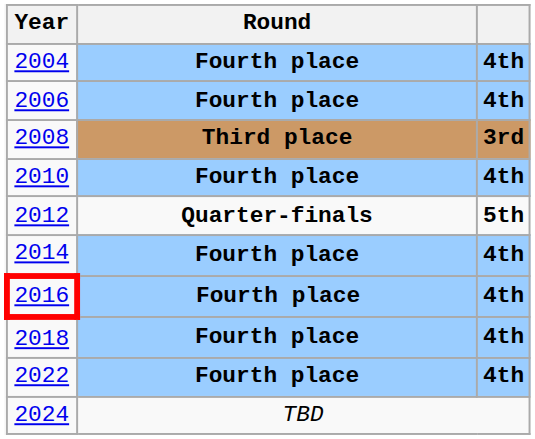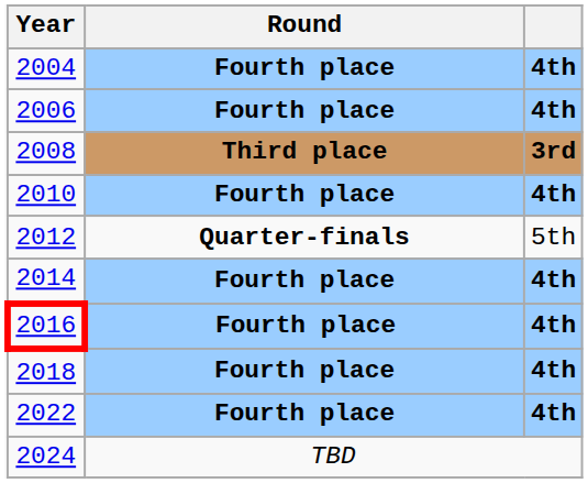 <table class="wikitable" style="text-align: center; font-size:90%">
 <tr>
 <th>Year</th>
 <th style="width:200px">Round</th>
 <th></th>
 </tr>
 <tr>
 <td><a href='#'>2004</a></td>
 <td bgcolor="9acdff"><strong>Fourth place</strong></td>
 <td bgcolor="9acdff"><strong>4th</strong></td>
 </tr>
 <tr>
 <td><a href='#'>2006</a></td>
 <td bgcolor="9acdff"><strong>Fourth place</strong></td>
 <td bgcolor="9acdff"><strong>4th</strong></td>
 </tr>
 <tr>
 <td><a href='#'>2008</a></td>
 <td bgcolor="cc9966"><strong>Third place</strong></td>
 <td bgcolor="cc9966"><strong>3rd</strong></td>
 </tr>
 <tr>
 <td><a href='#'>2010</a></td>
 <td bgcolor="9acdff"><strong>Fourth place</strong></td>
 <td bgcolor="9acdff"><strong>4th</strong></td>
 </tr>
 <tr>
 <td><a href='#'>2012</a></td>
 <td><strong>Quarter-finals</strong></td>
-<td><strong>5th</strong></td>
+<td>5th</td>
 </tr>
 <tr>
 <td><a href='#'>2014</a></td>
 <td bgcolor="9acdff"><strong>Fourth place</strong></td>
 <td bgcolor="9acdff"><strong>4th</strong></td>
 </tr>
 <tr>
 <td style="border: 3px solid red"><a href='#'>2016</a></td>
 <td bgcolor="9acdff"><strong>Fourth place</strong></td>
 <td bgcolor="9acdff"><strong>4th</strong></td>
 </tr>
 <tr>
 <td><a href='#'>2018</a></td>
 <td bgcolor="9acdff"><strong>Fourth place</strong></td>
 <td bgcolor="9acdff"><strong>4th</strong></td>
 </tr>
 <tr>
 <td><a href='#'>2022</a></td>
 <td bgcolor="9acdff"><strong>Fourth place</strong></td>
 <td bgcolor="9acdff"><strong>4th</strong></td>
 </tr>
 <tr>
 <td><a href='#'>2024</a></td>
 <td colspan="2"><em>TBD</em></td>
 </tr>
 </table>
